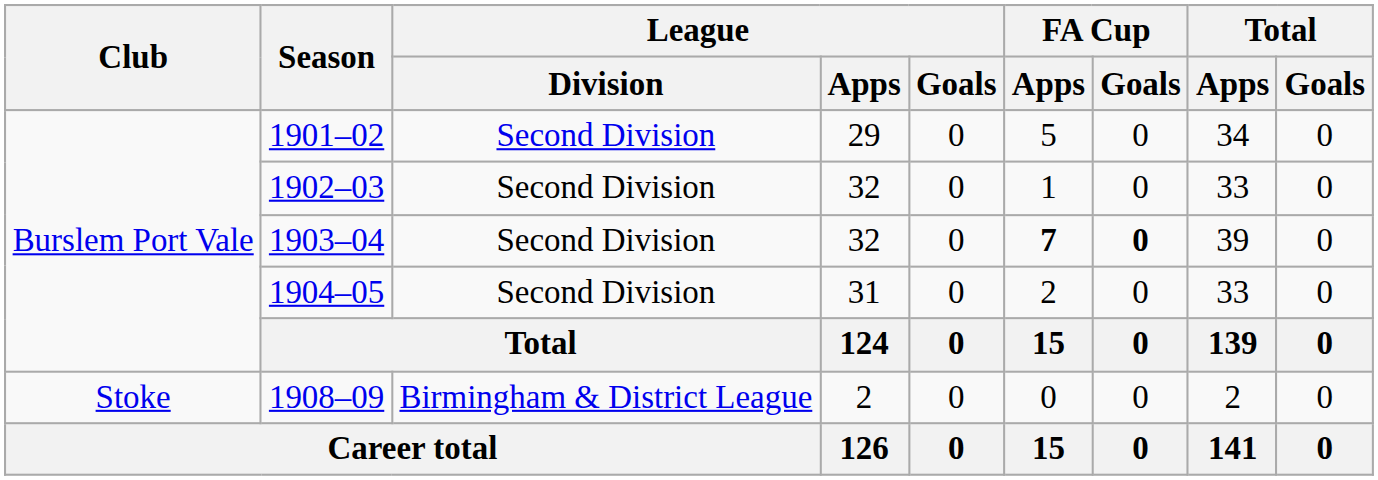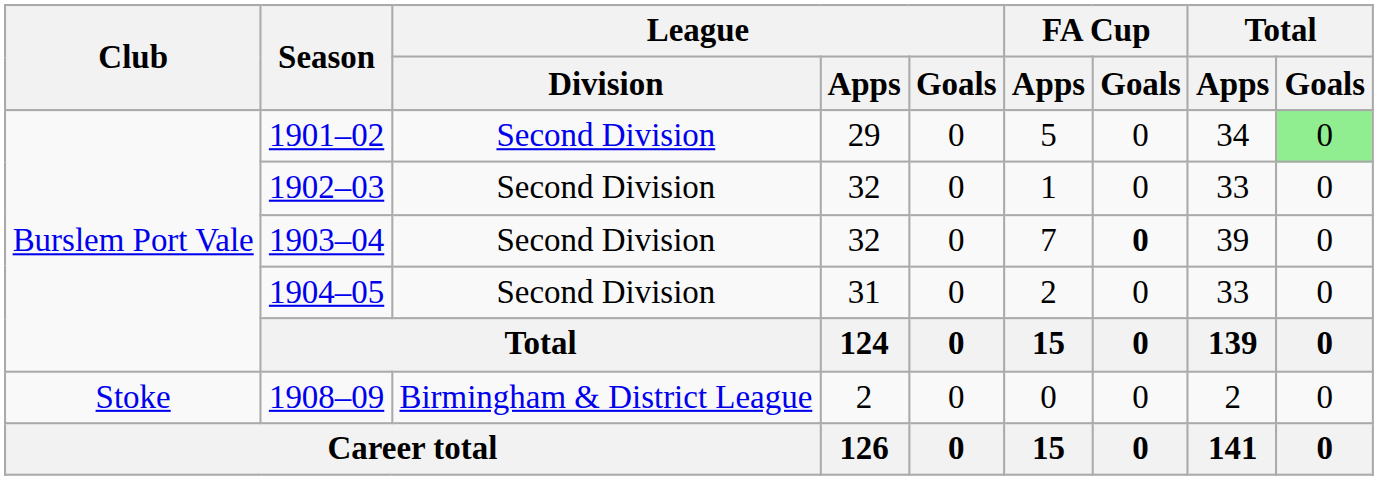 <table class="wikitable" style="text-align: center;">
 <tr>
 <th rowspan="2">Club</th>
 <th rowspan="2">Season</th>
 <th colspan="3">League</th>
 <th colspan="2">FA Cup</th>
 <th colspan="2">Total</th>
 </tr>
 <tr>
 <th>Division</th>
 <th>Apps</th>
 <th>Goals</th>
 <th>Apps</th>
 <th>Goals</th>
 <th>Apps</th>
 <th>Goals</th>
 </tr>
 <tr>
 <td rowspan="5"><a href='#'>Burslem Port Vale</a></td>
 <td><a href='#'>1901–02</a></td>
 <td><a href='#'>Second Division</a></td>
 <td>29</td>
 <td>0</td>
 <td>5</td>
 <td>0</td>
 <td>34</td>
-<td>0</td>
+<td style="background: lightgreen;">0</td>
 </tr>
 <tr>
 <td><a href='#'>1902–03</a></td>
 <td>Second Division</td>
 <td>32</td>
 <td>0</td>
 <td>1</td>
 <td>0</td>
 <td>33</td>
 <td>0</td>
 </tr>
 <tr>
 <td><a href='#'>1903–04</a></td>
 <td>Second Division</td>
 <td>32</td>
 <td>0</td>
-<td><strong>7</strong></td>
+<td>7</td>
 <td><strong>0</strong></td>
 <td>39</td>
 <td>0</td>
 </tr>
 <tr>
 <td><a href='#'>1904–05</a></td>
 <td>Second Division</td>
 <td>31</td>
 <td>0</td>
 <td>2</td>
 <td>0</td>
 <td>33</td>
 <td>0</td>
 </tr>
 <tr>
 <th colspan="2">Total</th>
 <th>124</th>
 <th>0</th>
 <th>15</th>
 <th>0</th>
 <th>139</th>
 <th>0</th>
 </tr>
 <tr>
 <td><a href='#'>Stoke</a></td>
 <td><a href='#'>1908–09</a></td>
 <td><a href='#'>Birmingham & District League</a></td>
 <td>2</td>
 <td>0</td>
 <td>0</td>
 <td>0</td>
 <td>2</td>
 <td>0</td>
 </tr>
 <tr>
 <th colspan="3">Career total</th>
 <th>126</th>
 <th>0</th>
 <th>15</th>
 <th>0</th>
 <th>141</th>
 <th>0</th>
 </tr>
 </table>
